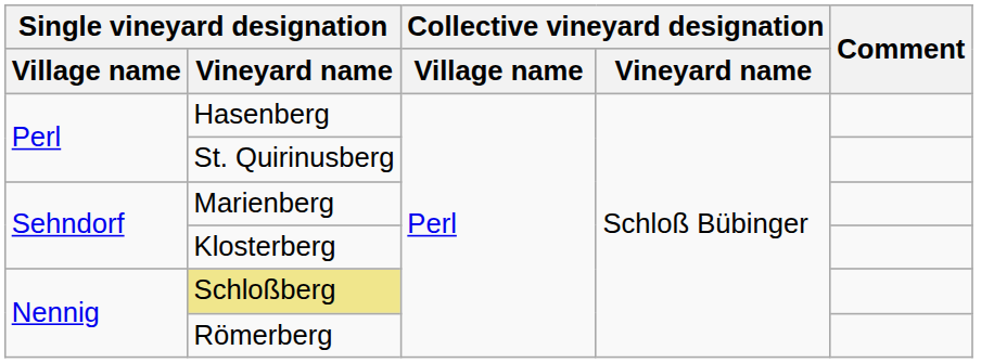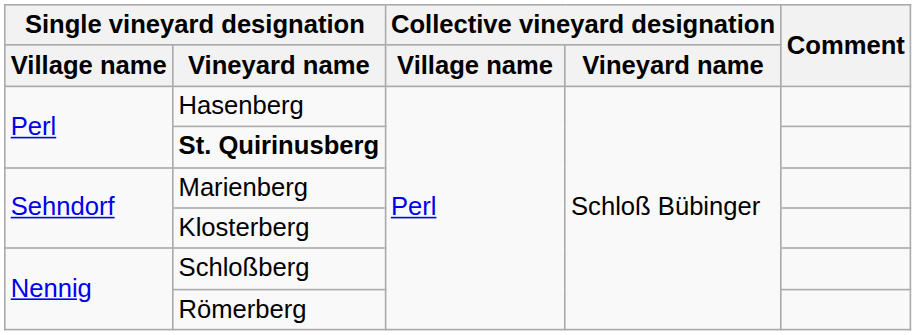 <table class="wikitable">
 <tr>
 <th colspan="2">Single vineyard designation</th>
 <th colspan="2">Collective vineyard designation</th>
 <th rowspan="2">Comment</th>
 </tr>
 <tr bgcolor="lightgrey">
 <th>Village name</th>
 <th>Vineyard name</th>
 <th>Village name</th>
 <th>Vineyard name</th>
 </tr>
 <tr>
 <td rowspan="2"><a href='#'>Perl</a></td>
 <td>Hasenberg</td>
 <td rowspan="6"><a href='#'>Perl</a></td>
 <td rowspan="6">Schloß Bübinger</td>
 <td></td>
 </tr>
 <tr>
-<td>St. Quirinusberg</td>
+<td><strong>St. Quirinusberg</strong></td>
 <td></td>
 </tr>
 <tr>
 <td rowspan="2"><a href='#'>Sehndorf</a></td>
 <td>Marienberg</td>
 <td></td>
 </tr>
 <tr>
 <td>Klosterberg</td>
 <td></td>
 </tr>
 <tr>
 <td rowspan="2"><a href='#'>Nennig</a></td>
-<td style="background: khaki;">Schloßberg</td>
+<td>Schloßberg</td>
 <td></td>
 </tr>
 <tr>
 <td>Römerberg</td>
 <td></td>
 </tr>
 </table>
